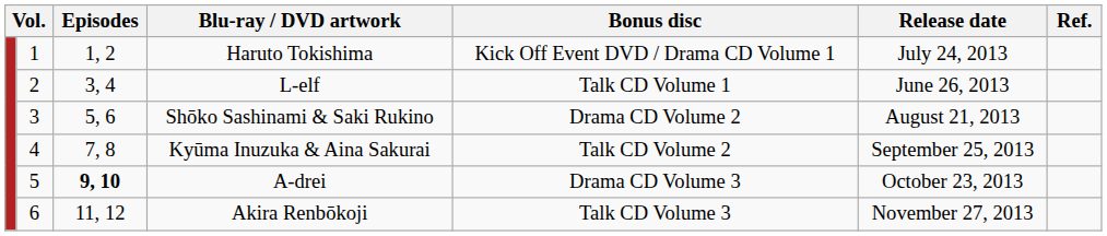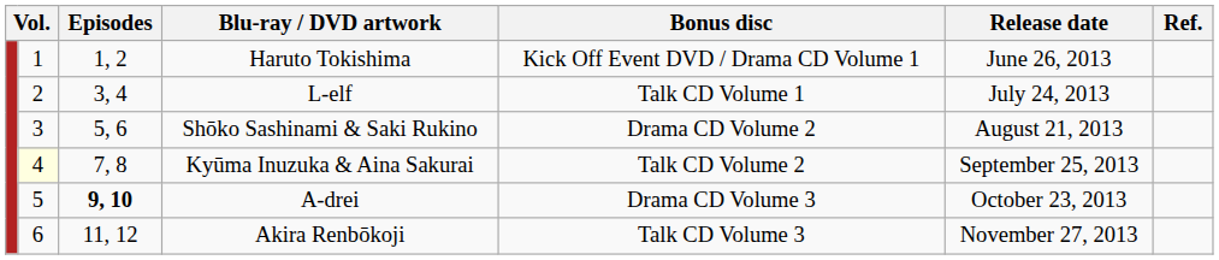 <table class="wikitable" style="text-align: center; width: 98%;">
 <tr>
 <th colspan="2">Vol.</th>
 <th>Episodes</th>
 <th>Blu-ray / DVD artwork</th>
 <th>Bonus disc</th>
 <th>Release date</th>
 <th width="5%">Ref.</th>
 </tr>
 <tr>
 <td rowspan="10" width="1%" style="background: FireBrick;"></td>
 <td>1</td>
 <td>1, 2</td>
 <td>Haruto Tokishima</td>
 <td>Kick Off Event DVD / Drama CD Volume 1</td>
-<td>July 24, 2013</td>
+<td>June 26, 2013</td>
 <td></td>
 </tr>
 <tr>
 <td>2</td>
 <td>3, 4</td>
 <td>L-elf</td>
 <td>Talk CD Volume 1</td>
-<td>June 26, 2013</td>
+<td>July 24, 2013</td>
 <td></td>
 </tr>
 <tr>
 <td>3</td>
 <td>5, 6</td>
 <td>Shōko Sashinami & Saki Rukino</td>
 <td>Drama CD Volume 2</td>
 <td>August 21, 2013</td>
 <td></td>
 </tr>
 <tr>
-<td>4</td>
+<td style="background: lightyellow;">4</td>
 <td>7, 8</td>
 <td>Kyūma Inuzuka & Aina Sakurai</td>
 <td>Talk CD Volume 2</td>
 <td>September 25, 2013</td>
 <td></td>
 </tr>
 <tr>
 <td>5</td>
 <td><strong>9, 10</strong></td>
 <td>A-drei</td>
 <td>Drama CD Volume 3</td>
 <td>October 23, 2013</td>
 <td></td>
 </tr>
 <tr>
 <td>6</td>
 <td>11, 12</td>
 <td>Akira Renbōkoji</td>
 <td>Talk CD Volume 3</td>
 <td>November 27, 2013</td>
 <td></td>
 </tr>
 </table>
